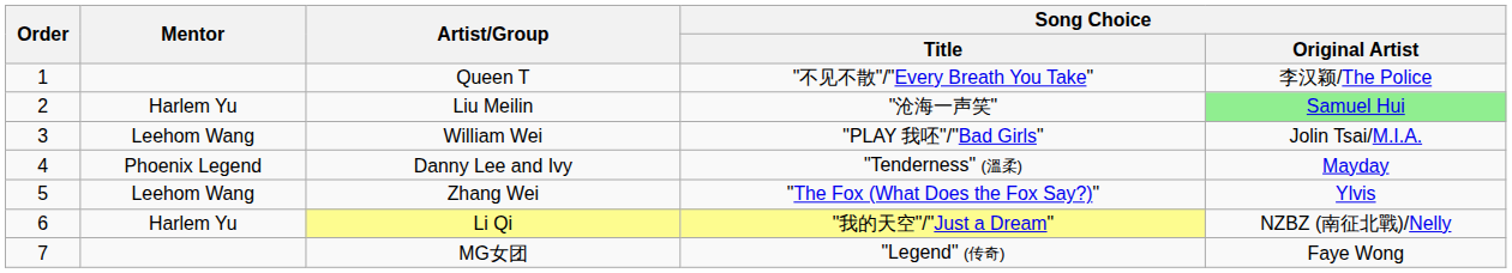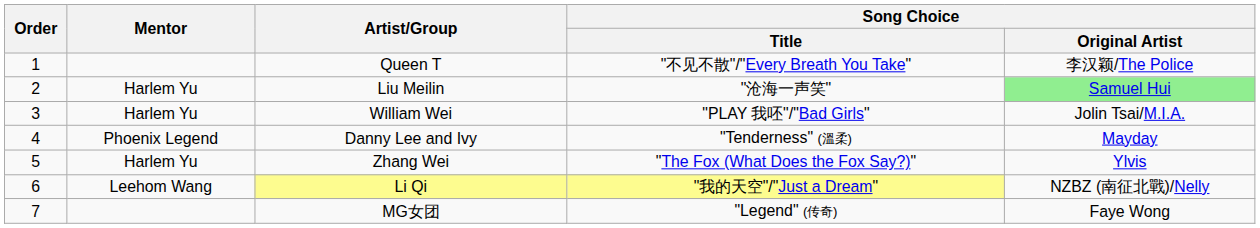 <table class="wikitable" style="text-align:center; line-height:17px; font-size:100%; width:100%;">
 <tr>
 <th scope="col" rowspan="2" width="05%">Order</th>
 <th scope="col" rowspan="2" width="15%">Mentor</th>
 <th scope="col" rowspan="2" width="25%">Artist/Group</th>
 <th scope="col" colspan="2">Song Choice</th>
 </tr>
 <tr>
 <th scope="col" width="35%">Title</th>
 <th scope="col" width="20%">Original Artist</th>
 </tr>
 <tr>
 <td scope="row">1</td>
 <td scope="row"></td>
 <td scope="row">Queen T</td>
 <td scope="row">"不见不散"/"<a href='#'>Every Breath You Take</a>"</td>
 <td scope="row">李汉颖/<a href='#'>The Police</a></td>
 </tr>
 <tr>
 <td scope="row">2</td>
 <td scope="row">Harlem Yu</td>
 <td scope="row">Liu Meilin</td>
 <td scope="row">"沧海一声笑"</td>
 <td scope="row" style="background: lightgreen;"><a href='#'>Samuel Hui</a></td>
 </tr>
 <tr>
 <td scope="row">3</td>
-<td scope="row">Leehom Wang</td>
+<td scope="row">Harlem Yu</td>
 <td scope="row">William Wei</td>
 <td scope="row">"PLAY 我呸"/"<a href='#'>Bad Girls</a>"</td>
 <td scope="row">Jolin Tsai/<a href='#'>M.I.A.</a></td>
 </tr>
 <tr>
 <td scope="row">4</td>
 <td scope="row">Phoenix Legend</td>
 <td scope="row">Danny Lee and Ivy</td>
 <td scope="row">"Tenderness" <small>(溫柔)</small></td>
 <td scope="row"><a href='#'>Mayday</a></td>
 </tr>
 <tr>
 <td scope="row">5</td>
-<td scope="row">Leehom Wang</td>
+<td scope="row">Harlem Yu</td>
 <td scope="row">Zhang Wei</td>
 <td scope="row">"<a href='#'>The Fox (What Does the Fox Say?)</a>"</td>
 <td scope="row"><a href='#'>Ylvis</a></td>
 </tr>
 <tr>
 <td scope="row">6</td>
-<td scope="row">Harlem Yu</td>
+<td scope="row">Leehom Wang</td>
 <td style="background:#fdfc8f; scope:row">Li Qi</td>
 <td style="background:#fdfc8f; scope:row">"我的天空"/"<a href='#'>Just a Dream</a>"</td>
 <td scope="row">NZBZ (南征北戰)/<a href='#'>Nelly</a></td>
 </tr>
 <tr>
 <td scope="row">7</td>
 <td scope="row"></td>
 <td scope="row">MG女团</td>
 <td scope="row">"Legend" <small>(传奇)</small></td>
 <td scope="row">Faye Wong</td>
 </tr>
 </table>
